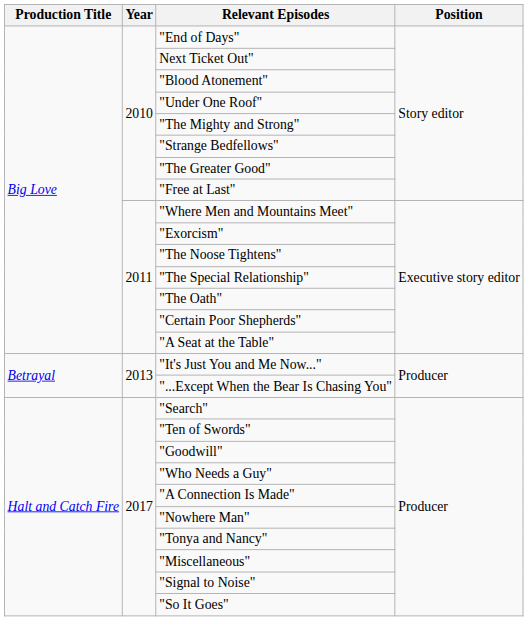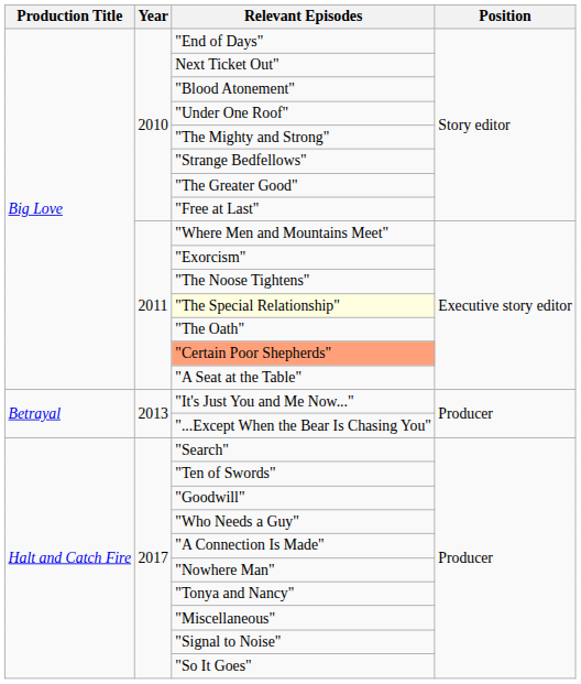 <table class="wikitable">
 <tr>
 <th>Production Title</th>
 <th>Year</th>
 <th>Relevant Episodes</th>
 <th>Position</th>
 </tr>
 <tr>
 <td rowspan="15"><em><a href='#'>Big Love</a></em></td>
 <td rowspan="8">2010</td>
 <td>"End of Days"</td>
 <td rowspan="8">Story editor</td>
 </tr>
 <tr>
 <td>Next Ticket Out"</td>
 </tr>
 <tr>
 <td>"Blood Atonement"</td>
 </tr>
 <tr>
 <td>"Under One Roof"</td>
 </tr>
 <tr>
 <td>"The Mighty and Strong"</td>
 </tr>
 <tr>
 <td>"Strange Bedfellows"</td>
 </tr>
 <tr>
 <td>"The Greater Good"</td>
 </tr>
 <tr>
 <td>"Free at Last"</td>
 </tr>
 <tr>
 <td rowspan="7">2011</td>
 <td>"Where Men and Mountains Meet"</td>
 <td rowspan="7">Executive story editor</td>
 </tr>
 <tr>
 <td>"Exorcism"</td>
 </tr>
 <tr>
 <td>"The Noose Tightens"</td>
 </tr>
 <tr>
-<td>"The Special Relationship"</td>
+<td style="background: lightyellow;">"The Special Relationship"</td>
 </tr>
 <tr>
 <td>"The Oath"</td>
 </tr>
 <tr>
-<td>"Certain Poor Shepherds"</td>
+<td style="background: lightsalmon;">"Certain Poor Shepherds"</td>
 </tr>
 <tr>
 <td>"A Seat at the Table"</td>
 </tr>
 <tr>
 <td rowspan="2"><em><a href='#'>Betrayal</a></em></td>
 <td rowspan="2">2013</td>
 <td>"It's Just You and Me Now..."</td>
 <td rowspan="2">Producer</td>
 </tr>
 <tr>
 <td>"...Except When the Bear Is Chasing You"</td>
 </tr>
 <tr>
 <td rowspan="10"><em><a href='#'>Halt and Catch Fire</a></em></td>
 <td rowspan="10">2017</td>
 <td>"Search"</td>
 <td rowspan="10">Producer</td>
 </tr>
 <tr>
 <td>"Ten of Swords"</td>
 </tr>
 <tr>
 <td>"Goodwill"</td>
 </tr>
 <tr>
 <td>"Who Needs a Guy"</td>
 </tr>
 <tr>
 <td>"A Connection Is Made"</td>
 </tr>
 <tr>
 <td>"Nowhere Man"</td>
 </tr>
 <tr>
 <td>"Tonya and Nancy"</td>
 </tr>
 <tr>
 <td>"Miscellaneous"</td>
 </tr>
 <tr>
 <td>"Signal to Noise"</td>
 </tr>
 <tr>
 <td>"So It Goes"</td>
 </tr>
 </table>
